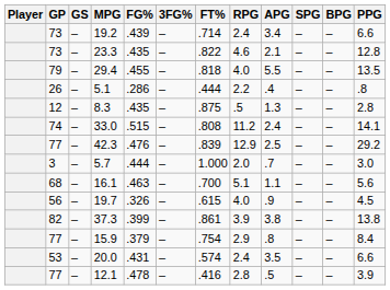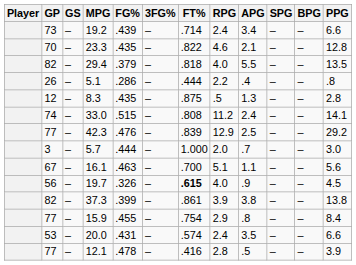 <table class="wikitable sortable" style="font-size: 90%">
 <tr>
 <th scope="col">Player</th>
 <th scope="col">GP</th>
 <th scope="col">GS</th>
 <th scope="col">MPG</th>
 <th scope="col">FG%</th>
 <th scope="col">3FG%</th>
 <th scope="col">FT%</th>
 <th scope="col">RPG</th>
 <th scope="col">APG</th>
 <th scope="col">SPG</th>
 <th scope="col">BPG</th>
 <th scope="col">PPG</th>
 </tr>
 <tr>
 <th scope="row" style="text-align:left;"></th>
 <td>73</td>
 <td>–</td>
 <td>19.2</td>
 <td>.439</td>
 <td>–</td>
 <td>.714</td>
 <td>2.4</td>
 <td>3.4</td>
 <td>–</td>
 <td>–</td>
 <td>6.6</td>
 </tr>
 <tr>
 <th scope="row" style="text-align:left;"></th>
-<td>73</td>
+<td>70</td>
 <td>–</td>
 <td>23.3</td>
 <td>.435</td>
 <td>–</td>
 <td>.822</td>
 <td>4.6</td>
 <td>2.1</td>
 <td>–</td>
 <td>–</td>
 <td>12.8</td>
 </tr>
 <tr>
 <th scope="row" style="text-align:left;"></th>
-<td>79</td>
+<td>82</td>
 <td>–</td>
 <td>29.4</td>
-<td>.455</td>
+<td>.379</td>
 <td>–</td>
 <td>.818</td>
 <td>4.0</td>
 <td>5.5</td>
 <td>–</td>
 <td>–</td>
 <td>13.5</td>
 </tr>
 <tr>
 <th scope="row" style="text-align:left;"></th>
 <td>26</td>
 <td>–</td>
 <td>5.1</td>
 <td>.286</td>
 <td>–</td>
 <td>.444</td>
 <td>2.2</td>
 <td>.4</td>
 <td>–</td>
 <td>–</td>
 <td>.8</td>
 </tr>
 <tr>
 <th scope="row" style="text-align:left;"></th>
 <td>12</td>
 <td>–</td>
 <td>8.3</td>
 <td>.435</td>
 <td>–</td>
 <td>.875</td>
 <td>.5</td>
 <td>1.3</td>
 <td>–</td>
 <td>–</td>
 <td>2.8</td>
 </tr>
 <tr>
 <th scope="row" style="text-align:left;"></th>
 <td>74</td>
 <td>–</td>
 <td>33.0</td>
 <td>.515</td>
 <td>–</td>
 <td>.808</td>
 <td>11.2</td>
 <td>2.4</td>
 <td>–</td>
 <td>–</td>
 <td>14.1</td>
 </tr>
 <tr>
 <th scope="row" style="text-align:left;"></th>
 <td>77</td>
 <td>–</td>
 <td>42.3</td>
 <td>.476</td>
 <td>–</td>
 <td>.839</td>
 <td>12.9</td>
 <td>2.5</td>
 <td>–</td>
 <td>–</td>
 <td>29.2</td>
 </tr>
 <tr>
 <th scope="row" style="text-align:left;"></th>
 <td>3</td>
 <td>–</td>
 <td>5.7</td>
 <td>.444</td>
 <td>–</td>
 <td>1.000</td>
 <td>2.0</td>
 <td>.7</td>
 <td>–</td>
 <td>–</td>
 <td>3.0</td>
 </tr>
 <tr>
 <th scope="row" style="text-align:left;"></th>
-<td>68</td>
+<td>67</td>
 <td>–</td>
 <td>16.1</td>
 <td>.463</td>
 <td>–</td>
 <td>.700</td>
 <td>5.1</td>
 <td>1.1</td>
 <td>–</td>
 <td>–</td>
 <td>5.6</td>
 </tr>
 <tr>
 <th scope="row" style="text-align:left;"></th>
 <td>56</td>
 <td>–</td>
 <td>19.7</td>
 <td>.326</td>
 <td>–</td>
-<td>.615</td>
+<td><strong>.615</strong></td>
 <td>4.0</td>
 <td>.9</td>
 <td>–</td>
 <td>–</td>
 <td>4.5</td>
 </tr>
 <tr>
 <th scope="row" style="text-align:left;"></th>
 <td>82</td>
 <td>–</td>
 <td>37.3</td>
 <td>.399</td>
 <td>–</td>
 <td>.861</td>
 <td>3.9</td>
 <td>3.8</td>
 <td>–</td>
 <td>–</td>
 <td>13.8</td>
 </tr>
 <tr>
 <th scope="row" style="text-align:left;"></th>
 <td>77</td>
 <td>–</td>
 <td>15.9</td>
-<td>.379</td>
+<td>.455</td>
 <td>–</td>
 <td>.754</td>
 <td>2.9</td>
 <td>.8</td>
 <td>–</td>
 <td>–</td>
 <td>8.4</td>
 </tr>
 <tr>
 <th scope="row" style="text-align:left;"></th>
 <td>53</td>
 <td>–</td>
 <td>20.0</td>
 <td>.431</td>
 <td>–</td>
 <td>.574</td>
 <td>2.4</td>
 <td>3.5</td>
 <td>–</td>
 <td>–</td>
 <td>6.6</td>
 </tr>
 <tr>
 <th scope="row" style="text-align:left;"></th>
 <td>77</td>
 <td>–</td>
 <td>12.1</td>
 <td>.478</td>
 <td>–</td>
 <td>.416</td>
 <td>2.8</td>
 <td>.5</td>
 <td>–</td>
 <td>–</td>
 <td>3.9</td>
 </tr>
 </table>
